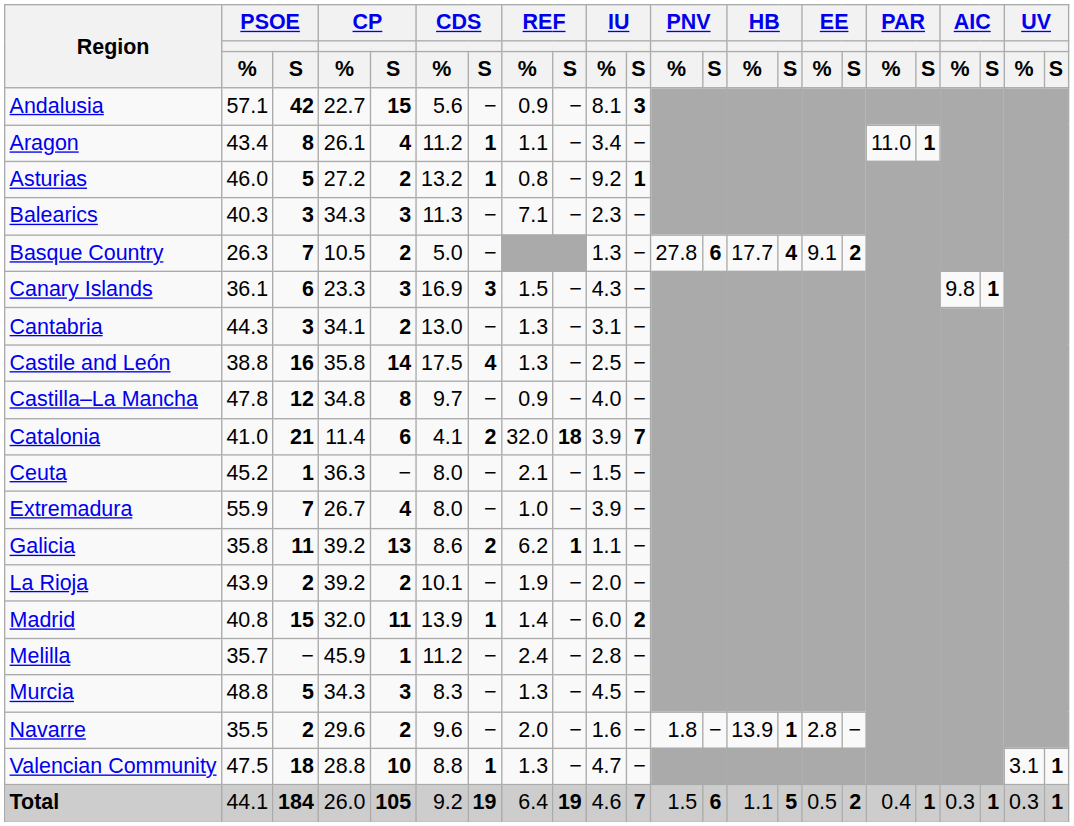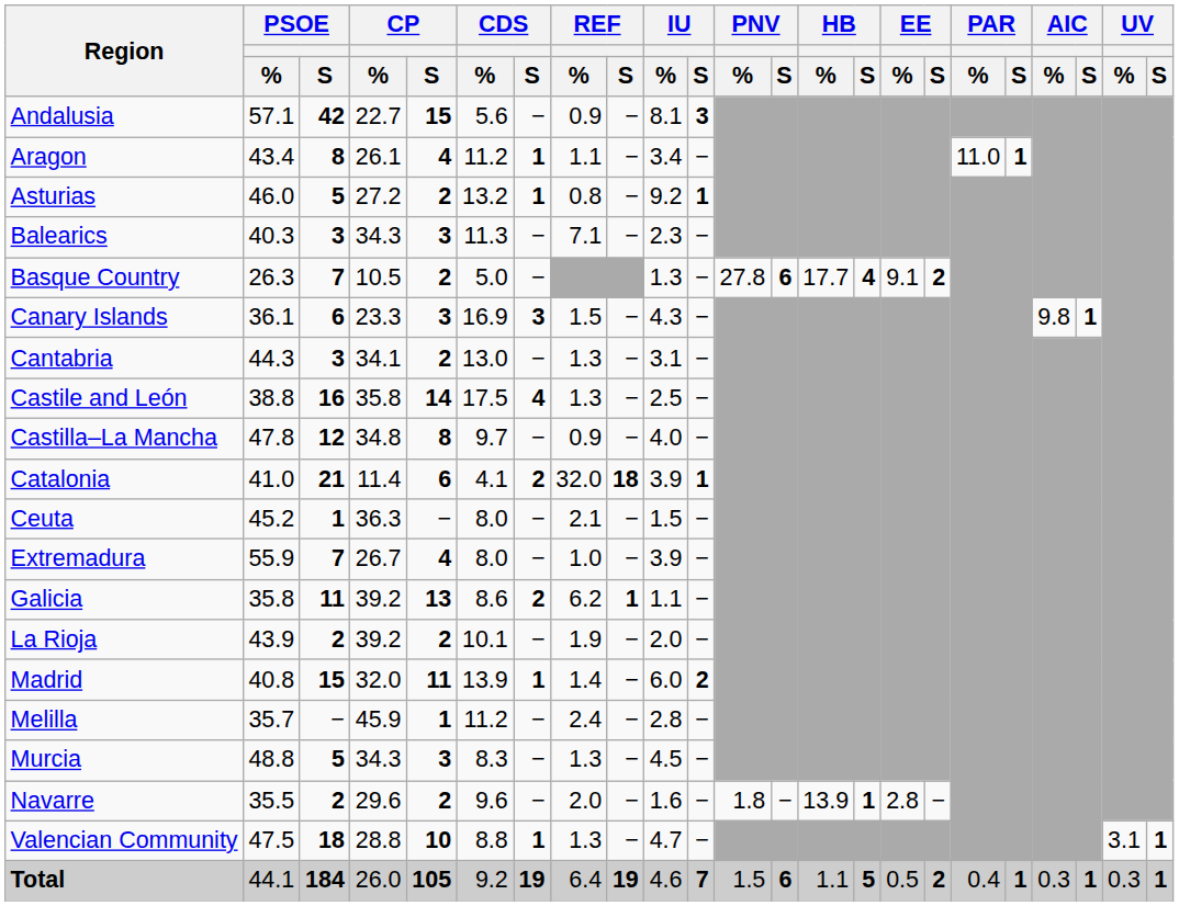 <table class="wikitable sortable" style="text-align:right; line-height:20px;">
 <tr>
 <th rowspan="3">Region</th>
 <th colspan="2" width="30px" class="unsortable"><a href='#'>PSOE</a></th>
 <th colspan="2" width="30px" class="unsortable"><a href='#'>CP</a></th>
 <th colspan="2" width="30px" class="unsortable"><a href='#'>CDS</a></th>
 <th colspan="2" width="30px" class="unsortable"><a href='#'>R</a><a href='#'>E</a><a href='#'>F</a></th>
 <th colspan="2" width="30px" class="unsortable"><a href='#'>IU</a></th>
 <th colspan="2" width="30px" class="unsortable"><a href='#'>PNV</a></th>
 <th colspan="2" width="30px" class="unsortable"><a href='#'>HB</a></th>
 <th colspan="2" width="30px" class="unsortable"><a href='#'>EE</a></th>
 <th colspan="2" width="30px" class="unsortable"><a href='#'>PAR</a></th>
 <th colspan="2" width="30px" class="unsortable"><a href='#'>AIC</a></th>
 <th colspan="2" width="30px" class="unsortable"><a href='#'>UV</a></th>
 </tr>
 <tr>
 <th colspan="2" style="background:"></th>
 <th colspan="2" style="background:"></th>
 <th colspan="2" style="background:"></th>
 <th colspan="2" style="background:"></th>
 <th colspan="2" style="background:"></th>
 <th colspan="2" style="background:"></th>
 <th colspan="2" style="background:"></th>
 <th colspan="2" style="background:"></th>
 <th colspan="2" style="background:"></th>
 <th colspan="2" style="background:"></th>
 <th colspan="2" style="background:"></th>
 </tr>
 <tr>
 <th data-sort-type="number">%</th>
 <th data-sort-type="number">S</th>
 <th data-sort-type="number">%</th>
 <th data-sort-type="number">S</th>
 <th data-sort-type="number">%</th>
 <th data-sort-type="number">S</th>
 <th data-sort-type="number">%</th>
 <th data-sort-type="number">S</th>
 <th data-sort-type="number">%</th>
 <th data-sort-type="number">S</th>
 <th data-sort-type="number">%</th>
 <th data-sort-type="number">S</th>
 <th data-sort-type="number">%</th>
 <th data-sort-type="number">S</th>
 <th data-sort-type="number">%</th>
 <th data-sort-type="number">S</th>
 <th data-sort-type="number">%</th>
 <th data-sort-type="number">S</th>
 <th data-sort-type="number">%</th>
 <th data-sort-type="number">S</th>
 <th data-sort-type="number">%</th>
 <th data-sort-type="number">S</th>
 </tr>
 <tr>
 <td align="left"><a href='#'>Andalusia</a></td>
 <td style="background:">57.1</td>
 <td><strong>42</strong></td>
 <td>22.7</td>
 <td><strong>15</strong></td>
 <td>5.6</td>
 <td>−</td>
 <td>0.9</td>
 <td>−</td>
 <td>8.1</td>
 <td><strong>3</strong></td>
 <td colspan="2" rowspan="4" bgcolor="#AAAAAA"></td>
 <td colspan="2" rowspan="4" bgcolor="#AAAAAA"></td>
 <td colspan="2" rowspan="4" bgcolor="#AAAAAA"></td>
 <td colspan="2" bgcolor="#AAAAAA"></td>
 <td colspan="2" rowspan="5" bgcolor="#AAAAAA"></td>
 <td colspan="2" rowspan="18" bgcolor="#AAAAAA"></td>
 </tr>
 <tr>
 <td align="left"><a href='#'>Aragon</a></td>
 <td style="background:">43.4</td>
 <td><strong>8</strong></td>
 <td>26.1</td>
 <td><strong>4</strong></td>
 <td>11.2</td>
 <td><strong>1</strong></td>
 <td>1.1</td>
 <td>−</td>
 <td>3.4</td>
 <td>−</td>
 <td>11.0</td>
 <td><strong>1</strong></td>
 </tr>
 <tr>
 <td align="left"><a href='#'>Asturias</a></td>
 <td style="background:">46.0</td>
 <td><strong>5</strong></td>
 <td>27.2</td>
 <td><strong>2</strong></td>
 <td>13.2</td>
 <td><strong>1</strong></td>
 <td>0.8</td>
 <td>−</td>
 <td>9.2</td>
 <td><strong>1</strong></td>
 <td colspan="2" rowspan="17" bgcolor="#AAAAAA"></td>
 </tr>
 <tr>
 <td align="left"><a href='#'>Balearics</a></td>
 <td style="background:">40.3</td>
 <td><strong>3</strong></td>
 <td>34.3</td>
 <td><strong>3</strong></td>
 <td>11.3</td>
 <td>−</td>
 <td>7.1</td>
 <td>−</td>
 <td>2.3</td>
 <td>−</td>
 </tr>
 <tr>
 <td align="left"><a href='#'>Basque Country</a></td>
 <td>26.3</td>
 <td><strong>7</strong></td>
 <td>10.5</td>
 <td><strong>2</strong></td>
 <td>5.0</td>
 <td>−</td>
 <td colspan="2" bgcolor="#AAAAAA"></td>
 <td>1.3</td>
 <td>−</td>
 <td style="background:">27.8</td>
 <td><strong>6</strong></td>
 <td>17.7</td>
 <td><strong>4</strong></td>
 <td>9.1</td>
 <td><strong>2</strong></td>
 </tr>
 <tr>
 <td align="left"><a href='#'>Canary Islands</a></td>
 <td style="background:">36.1</td>
 <td><strong>6</strong></td>
 <td>23.3</td>
 <td><strong>3</strong></td>
 <td>16.9</td>
 <td><strong>3</strong></td>
 <td>1.5</td>
 <td>−</td>
 <td>4.3</td>
 <td>−</td>
 <td colspan="2" rowspan="12" bgcolor="#AAAAAA"></td>
 <td colspan="2" rowspan="12" bgcolor="#AAAAAA"></td>
 <td colspan="2" rowspan="12" bgcolor="#AAAAAA"></td>
 <td>9.8</td>
 <td><strong>1</strong></td>
 </tr>
 <tr>
 <td align="left"><a href='#'>Cantabria</a></td>
 <td style="background:">44.3</td>
 <td><strong>3</strong></td>
 <td>34.1</td>
 <td><strong>2</strong></td>
 <td>13.0</td>
 <td>−</td>
 <td>1.3</td>
 <td>−</td>
 <td>3.1</td>
 <td>−</td>
 <td colspan="2" rowspan="13" bgcolor="#AAAAAA"></td>
 </tr>
 <tr>
 <td align="left"><a href='#'>Castile and León</a></td>
 <td style="background:">38.8</td>
 <td><strong>16</strong></td>
 <td>35.8</td>
 <td><strong>14</strong></td>
 <td>17.5</td>
 <td><strong>4</strong></td>
 <td>1.3</td>
 <td>−</td>
 <td>2.5</td>
 <td>−</td>
 </tr>
 <tr>
 <td align="left"><a href='#'>Castilla–La Mancha</a></td>
 <td style="background:">47.8</td>
 <td><strong>12</strong></td>
 <td>34.8</td>
 <td><strong>8</strong></td>
 <td>9.7</td>
 <td>−</td>
 <td>0.9</td>
 <td>−</td>
 <td>4.0</td>
 <td>−</td>
 </tr>
 <tr>
 <td align="left"><a href='#'>Catalonia</a></td>
 <td style="background:">41.0</td>
 <td><strong>21</strong></td>
 <td>11.4</td>
 <td><strong>6</strong></td>
 <td>4.1</td>
 <td><strong>2</strong></td>
 <td>32.0</td>
 <td><strong>18</strong></td>
 <td>3.9</td>
-<td><strong>7</strong></td>
+<td><strong>1</strong></td>
 </tr>
 <tr>
 <td align="left"><a href='#'>Ceuta</a></td>
 <td style="background:">45.2</td>
 <td><strong>1</strong></td>
 <td>36.3</td>
 <td>−</td>
 <td>8.0</td>
 <td>−</td>
 <td>2.1</td>
 <td>−</td>
 <td>1.5</td>
 <td>−</td>
 </tr>
 <tr>
 <td align="left"><a href='#'>Extremadura</a></td>
 <td style="background:">55.9</td>
 <td><strong>7</strong></td>
 <td>26.7</td>
 <td><strong>4</strong></td>
 <td>8.0</td>
 <td>−</td>
 <td>1.0</td>
 <td>−</td>
 <td>3.9</td>
 <td>−</td>
 </tr>
 <tr>
 <td align="left"><a href='#'>Galicia</a></td>
 <td>35.8</td>
 <td><strong>11</strong></td>
 <td style="background:">39.2</td>
 <td><strong>13</strong></td>
 <td>8.6</td>
 <td><strong>2</strong></td>
 <td>6.2</td>
 <td><strong>1</strong></td>
 <td>1.1</td>
 <td>−</td>
 </tr>
 <tr>
 <td align="left"><a href='#'>La Rioja</a></td>
 <td style="background:">43.9</td>
 <td><strong>2</strong></td>
 <td>39.2</td>
 <td><strong>2</strong></td>
 <td>10.1</td>
 <td>−</td>
 <td>1.9</td>
 <td>−</td>
 <td>2.0</td>
 <td>−</td>
 </tr>
 <tr>
 <td align="left"><a href='#'>Madrid</a></td>
 <td style="background:">40.8</td>
 <td><strong>15</strong></td>
 <td>32.0</td>
 <td><strong>11</strong></td>
 <td>13.9</td>
 <td><strong>1</strong></td>
 <td>1.4</td>
 <td>−</td>
 <td>6.0</td>
 <td><strong>2</strong></td>
 </tr>
 <tr>
 <td align="left"><a href='#'>Melilla</a></td>
 <td>35.7</td>
 <td>−</td>
 <td style="background:">45.9</td>
 <td><strong>1</strong></td>
 <td>11.2</td>
 <td>−</td>
 <td>2.4</td>
 <td>−</td>
 <td>2.8</td>
 <td>−</td>
 </tr>
 <tr>
 <td align="left"><a href='#'>Murcia</a></td>
 <td style="background:">48.8</td>
 <td><strong>5</strong></td>
 <td>34.3</td>
 <td><strong>3</strong></td>
 <td>8.3</td>
 <td>−</td>
 <td>1.3</td>
 <td>−</td>
 <td>4.5</td>
 <td>−</td>
 </tr>
 <tr>
 <td align="left"><a href='#'>Navarre</a></td>
 <td style="background:">35.5</td>
 <td><strong>2</strong></td>
 <td>29.6</td>
 <td><strong>2</strong></td>
 <td>9.6</td>
 <td>−</td>
 <td>2.0</td>
 <td>−</td>
 <td>1.6</td>
 <td>−</td>
 <td>1.8</td>
 <td>−</td>
 <td>13.9</td>
 <td><strong>1</strong></td>
 <td>2.8</td>
 <td>−</td>
 </tr>
 <tr>
 <td align="left"><a href='#'>Valencian Community</a></td>
 <td style="background:">47.5</td>
 <td><strong>18</strong></td>
 <td>28.8</td>
 <td><strong>10</strong></td>
 <td>8.8</td>
 <td><strong>1</strong></td>
 <td>1.3</td>
 <td>−</td>
 <td>4.7</td>
 <td>−</td>
 <td colspan="2" bgcolor="#AAAAAA"></td>
 <td colspan="2" bgcolor="#AAAAAA"></td>
 <td colspan="2" bgcolor="#AAAAAA"></td>
 <td>3.1</td>
 <td><strong>1</strong></td>
 </tr>
 <tr style="background:#CDCDCD;">
 <td align="left"><strong>Total</strong></td>
 <td style="background:">44.1</td>
 <td><strong>184</strong></td>
 <td>26.0</td>
 <td><strong>105</strong></td>
 <td>9.2</td>
 <td><strong>19</strong></td>
 <td>6.4</td>
 <td><strong>19</strong></td>
 <td>4.6</td>
 <td><strong>7</strong></td>
 <td>1.5</td>
 <td><strong>6</strong></td>
 <td>1.1</td>
 <td><strong>5</strong></td>
 <td>0.5</td>
 <td><strong>2</strong></td>
 <td>0.4</td>
 <td><strong>1</strong></td>
 <td>0.3</td>
 <td><strong>1</strong></td>
 <td>0.3</td>
 <td><strong>1</strong></td>
 </tr>
 </table>
